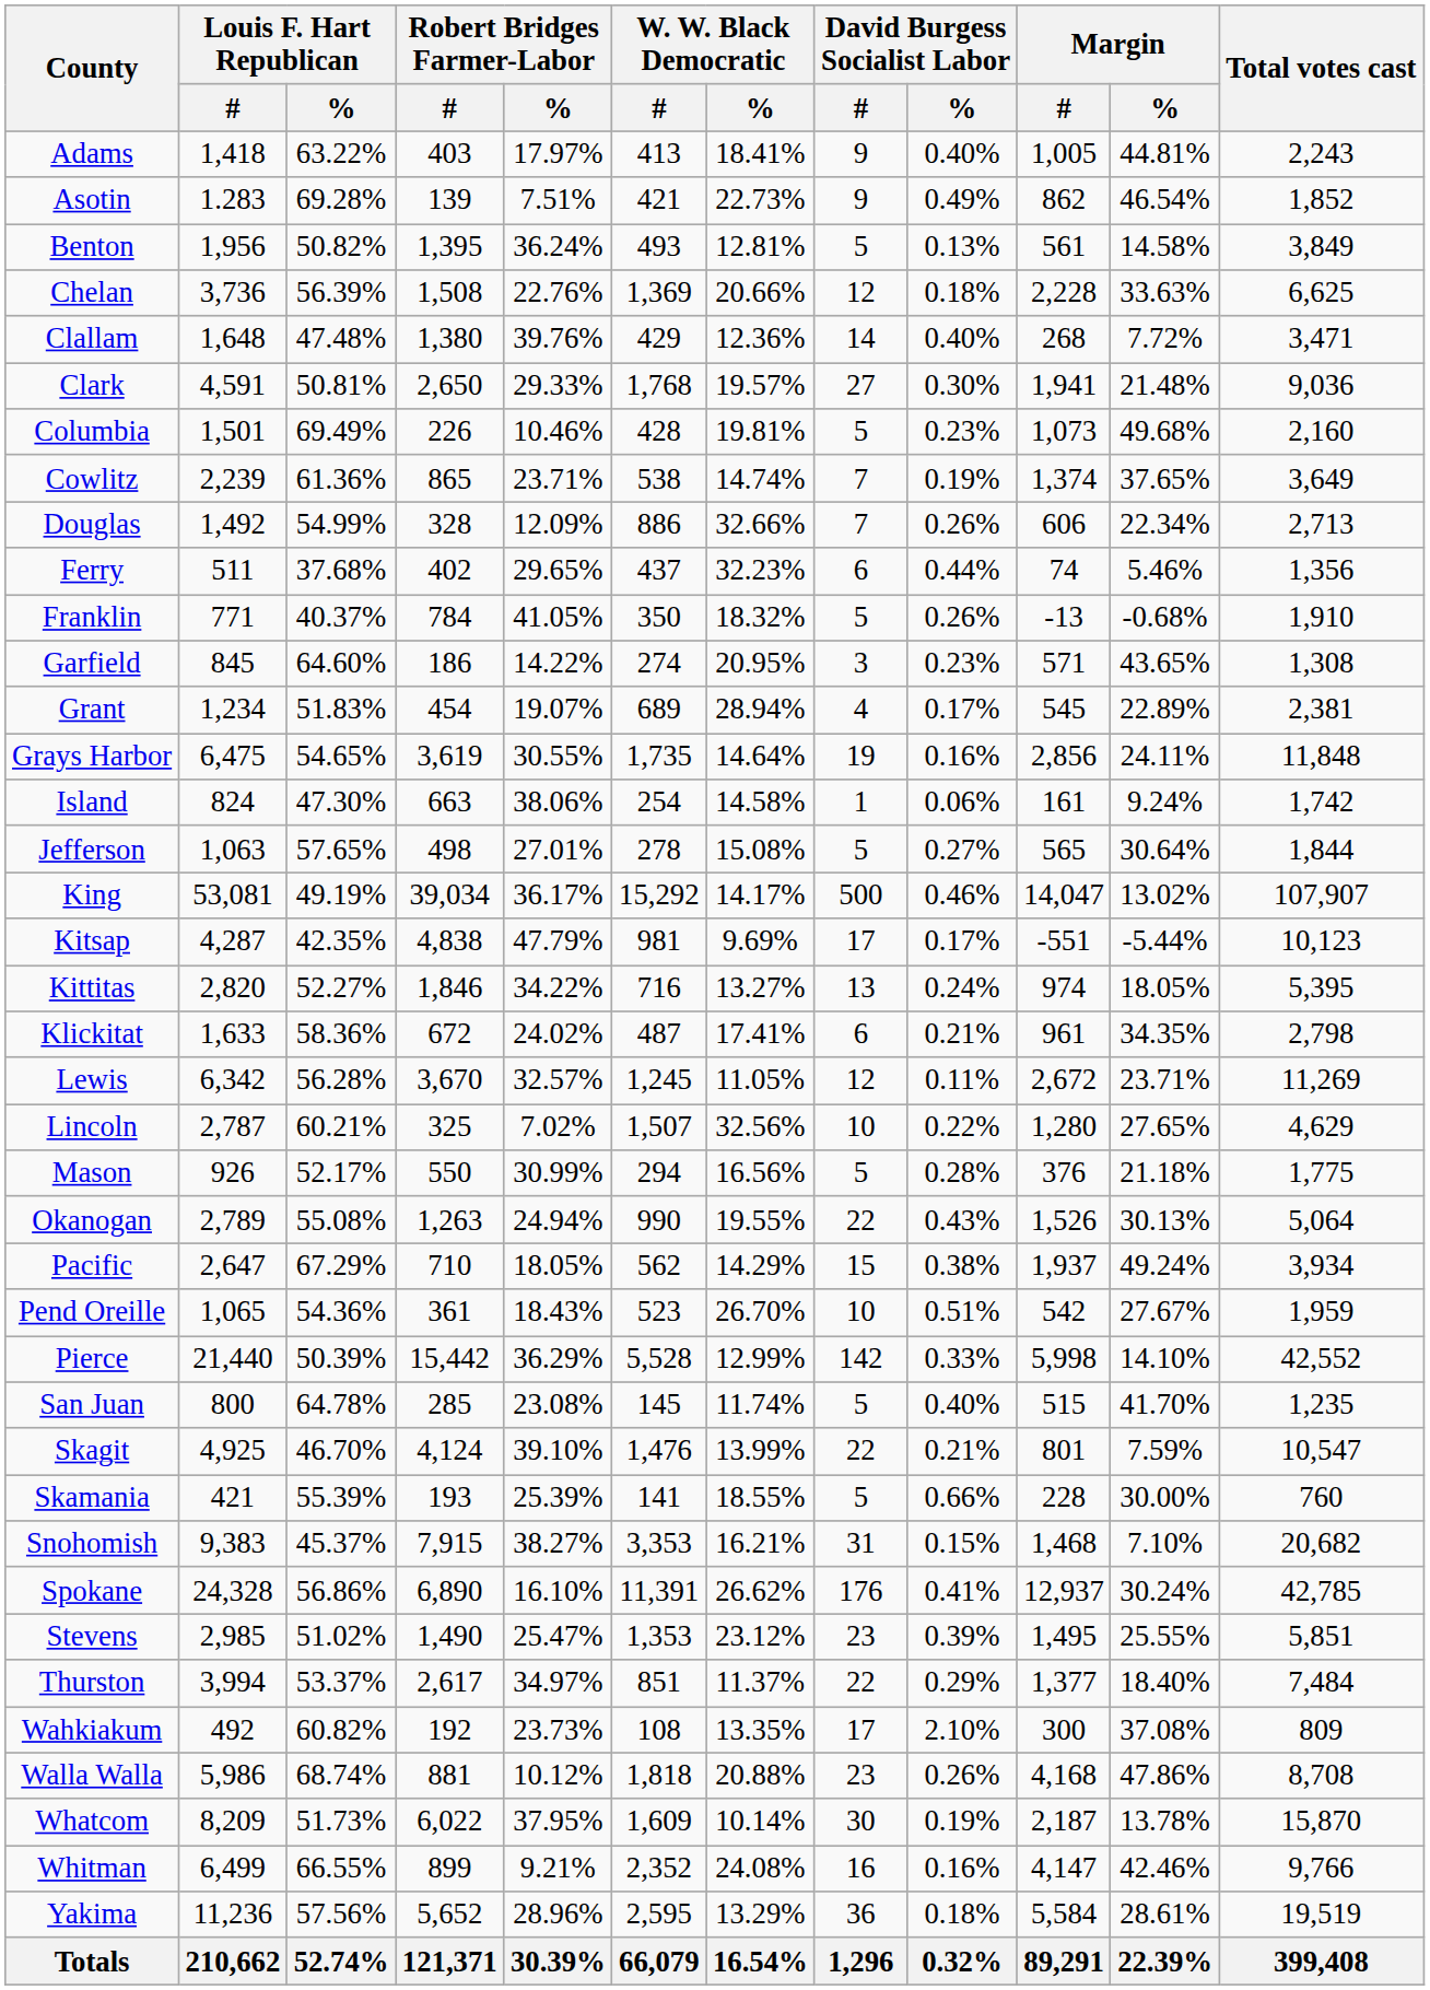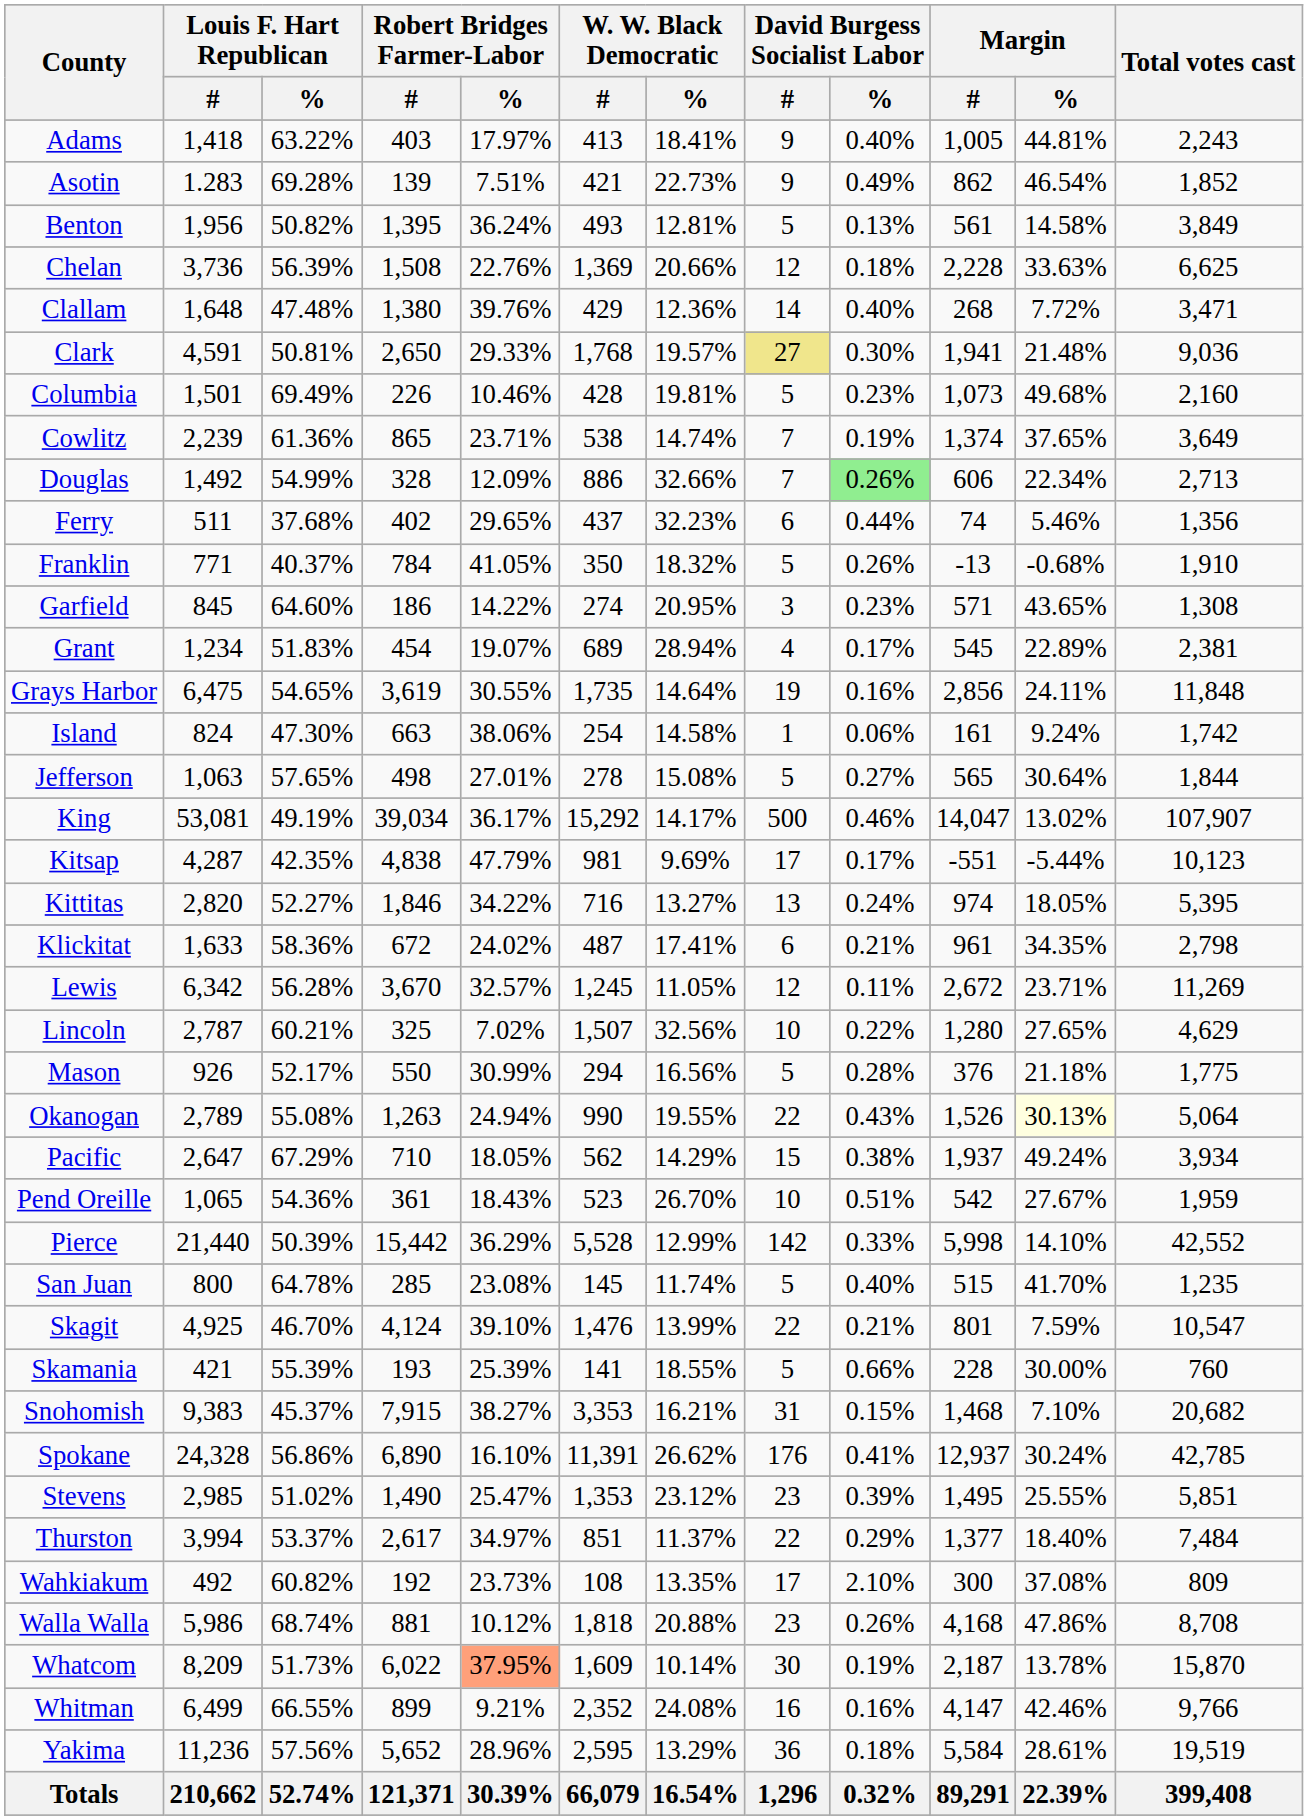 <table class="wikitable sortable">
 <tr>
 <th style="text-align:center;" rowspan="2">County</th>
 <th style="text-align:center;" colspan="2">Louis F. Hart<br>Republican</th>
 <th style="text-align:center;" colspan="2">Robert Bridges<br>Farmer-Labor</th>
 <th style="text-align:center;" colspan="2">W. W. Black<br>Democratic</th>
 <th style="text-align:center;" colspan="2">David Burgess<br>Socialist Labor</th>
 <th style="text-align:center;" colspan="2">Margin</th>
 <th style="text-align:center;" rowspan="2">Total votes cast</th>
 </tr>
 <tr bgcolor="lightgrey">
 <th style="text-align:center;" data-sort-type="number">#</th>
 <th style="text-align:center;" data-sort-type="number">%</th>
 <th style="text-align:center;" data-sort-type="number">#</th>
 <th style="text-align:center;" data-sort-type="number">%</th>
 <th style="text-align:center;" data-sort-type="number">#</th>
 <th style="text-align:center;" data-sort-type="number">%</th>
 <th style="text-align:center;" data-sort-type="number">#</th>
 <th style="text-align:center;" data-sort-type="number">%</th>
 <th style="text-align:center;" data-sort-type="number">#</th>
 <th style="text-align:center;" data-sort-type="number">%</th>
 </tr>
 <tr style="text-align:center;">
 <td><a href='#'>Adams</a></td>
 <td>1,418</td>
 <td>63.22%</td>
 <td>403</td>
 <td>17.97%</td>
 <td>413</td>
 <td>18.41%</td>
 <td>9</td>
 <td>0.40%</td>
 <td>1,005</td>
 <td>44.81%</td>
 <td>2,243</td>
 </tr>
 <tr style="text-align:center;">
 <td><a href='#'>Asotin</a></td>
 <td>1.283</td>
 <td>69.28%</td>
 <td>139</td>
 <td>7.51%</td>
 <td>421</td>
 <td>22.73%</td>
 <td>9</td>
 <td>0.49%</td>
 <td>862</td>
 <td>46.54%</td>
 <td>1,852</td>
 </tr>
 <tr style="text-align:center;">
 <td><a href='#'>Benton</a></td>
 <td>1,956</td>
 <td>50.82%</td>
 <td>1,395</td>
 <td>36.24%</td>
 <td>493</td>
 <td>12.81%</td>
 <td>5</td>
 <td>0.13%</td>
 <td>561</td>
 <td>14.58%</td>
 <td>3,849</td>
 </tr>
 <tr style="text-align:center;">
 <td><a href='#'>Chelan</a></td>
 <td>3,736</td>
 <td>56.39%</td>
 <td>1,508</td>
 <td>22.76%</td>
 <td>1,369</td>
 <td>20.66%</td>
 <td>12</td>
 <td>0.18%</td>
 <td>2,228</td>
 <td>33.63%</td>
 <td>6,625</td>
 </tr>
 <tr style="text-align:center;">
 <td><a href='#'>Clallam</a></td>
 <td>1,648</td>
 <td>47.48%</td>
 <td>1,380</td>
 <td>39.76%</td>
 <td>429</td>
 <td>12.36%</td>
 <td>14</td>
 <td>0.40%</td>
 <td>268</td>
 <td>7.72%</td>
 <td>3,471</td>
 </tr>
 <tr style="text-align:center;">
 <td><a href='#'>Clark</a></td>
 <td>4,591</td>
 <td>50.81%</td>
 <td>2,650</td>
 <td>29.33%</td>
 <td>1,768</td>
 <td>19.57%</td>
-<td>27</td>
+<td style="background: khaki;">27</td>
 <td>0.30%</td>
 <td>1,941</td>
 <td>21.48%</td>
 <td>9,036</td>
 </tr>
 <tr style="text-align:center;">
 <td><a href='#'>Columbia</a></td>
 <td>1,501</td>
 <td>69.49%</td>
 <td>226</td>
 <td>10.46%</td>
 <td>428</td>
 <td>19.81%</td>
 <td>5</td>
 <td>0.23%</td>
 <td>1,073</td>
 <td>49.68%</td>
 <td>2,160</td>
 </tr>
 <tr style="text-align:center;">
 <td><a href='#'>Cowlitz</a></td>
 <td>2,239</td>
 <td>61.36%</td>
 <td>865</td>
 <td>23.71%</td>
 <td>538</td>
 <td>14.74%</td>
 <td>7</td>
 <td>0.19%</td>
 <td>1,374</td>
 <td>37.65%</td>
 <td>3,649</td>
 </tr>
 <tr style="text-align:center;">
 <td><a href='#'>Douglas</a></td>
 <td>1,492</td>
 <td>54.99%</td>
 <td>328</td>
 <td>12.09%</td>
 <td>886</td>
 <td>32.66%</td>
 <td>7</td>
-<td>0.26%</td>
+<td style="background: lightgreen;">0.26%</td>
 <td>606</td>
 <td>22.34%</td>
 <td>2,713</td>
 </tr>
 <tr style="text-align:center;">
 <td><a href='#'>Ferry</a></td>
 <td>511</td>
 <td>37.68%</td>
 <td>402</td>
 <td>29.65%</td>
 <td>437</td>
 <td>32.23%</td>
 <td>6</td>
 <td>0.44%</td>
 <td>74</td>
 <td>5.46%</td>
 <td>1,356</td>
 </tr>
 <tr style="text-align:center;">
 <td><a href='#'>Franklin</a></td>
 <td>771</td>
 <td>40.37%</td>
 <td>784</td>
 <td>41.05%</td>
 <td>350</td>
 <td>18.32%</td>
 <td>5</td>
 <td>0.26%</td>
 <td>-13</td>
 <td>-0.68%</td>
 <td>1,910</td>
 </tr>
 <tr style="text-align:center;">
 <td><a href='#'>Garfield</a></td>
 <td>845</td>
 <td>64.60%</td>
 <td>186</td>
 <td>14.22%</td>
 <td>274</td>
 <td>20.95%</td>
 <td>3</td>
 <td>0.23%</td>
 <td>571</td>
 <td>43.65%</td>
 <td>1,308</td>
 </tr>
 <tr style="text-align:center;">
 <td><a href='#'>Grant</a></td>
 <td>1,234</td>
 <td>51.83%</td>
 <td>454</td>
 <td>19.07%</td>
 <td>689</td>
 <td>28.94%</td>
 <td>4</td>
 <td>0.17%</td>
 <td>545</td>
 <td>22.89%</td>
 <td>2,381</td>
 </tr>
 <tr style="text-align:center;">
 <td><a href='#'>Grays Harbor</a></td>
 <td>6,475</td>
 <td>54.65%</td>
 <td>3,619</td>
 <td>30.55%</td>
 <td>1,735</td>
 <td>14.64%</td>
 <td>19</td>
 <td>0.16%</td>
 <td>2,856</td>
 <td>24.11%</td>
 <td>11,848</td>
 </tr>
 <tr style="text-align:center;">
 <td><a href='#'>Island</a></td>
 <td>824</td>
 <td>47.30%</td>
 <td>663</td>
 <td>38.06%</td>
 <td>254</td>
 <td>14.58%</td>
 <td>1</td>
 <td>0.06%</td>
 <td>161</td>
 <td>9.24%</td>
 <td>1,742</td>
 </tr>
 <tr style="text-align:center;">
 <td><a href='#'>Jefferson</a></td>
 <td>1,063</td>
 <td>57.65%</td>
 <td>498</td>
 <td>27.01%</td>
 <td>278</td>
 <td>15.08%</td>
 <td>5</td>
 <td>0.27%</td>
 <td>565</td>
 <td>30.64%</td>
 <td>1,844</td>
 </tr>
 <tr style="text-align:center;">
 <td><a href='#'>King</a></td>
 <td>53,081</td>
 <td>49.19%</td>
 <td>39,034</td>
 <td>36.17%</td>
 <td>15,292</td>
 <td>14.17%</td>
 <td>500</td>
 <td>0.46%</td>
 <td>14,047</td>
 <td>13.02%</td>
 <td>107,907</td>
 </tr>
 <tr style="text-align:center;">
 <td><a href='#'>Kitsap</a></td>
 <td>4,287</td>
 <td>42.35%</td>
 <td>4,838</td>
 <td>47.79%</td>
 <td>981</td>
 <td>9.69%</td>
 <td>17</td>
 <td>0.17%</td>
 <td>-551</td>
 <td>-5.44%</td>
 <td>10,123</td>
 </tr>
 <tr style="text-align:center;">
 <td><a href='#'>Kittitas</a></td>
 <td>2,820</td>
 <td>52.27%</td>
 <td>1,846</td>
 <td>34.22%</td>
 <td>716</td>
 <td>13.27%</td>
 <td>13</td>
 <td>0.24%</td>
 <td>974</td>
 <td>18.05%</td>
 <td>5,395</td>
 </tr>
 <tr style="text-align:center;">
 <td><a href='#'>Klickitat</a></td>
 <td>1,633</td>
 <td>58.36%</td>
 <td>672</td>
 <td>24.02%</td>
 <td>487</td>
 <td>17.41%</td>
 <td>6</td>
 <td>0.21%</td>
 <td>961</td>
 <td>34.35%</td>
 <td>2,798</td>
 </tr>
 <tr style="text-align:center;">
 <td><a href='#'>Lewis</a></td>
 <td>6,342</td>
 <td>56.28%</td>
 <td>3,670</td>
 <td>32.57%</td>
 <td>1,245</td>
 <td>11.05%</td>
 <td>12</td>
 <td>0.11%</td>
 <td>2,672</td>
 <td>23.71%</td>
 <td>11,269</td>
 </tr>
 <tr style="text-align:center;">
 <td><a href='#'>Lincoln</a></td>
 <td>2,787</td>
 <td>60.21%</td>
 <td>325</td>
 <td>7.02%</td>
 <td>1,507</td>
 <td>32.56%</td>
 <td>10</td>
 <td>0.22%</td>
 <td>1,280</td>
 <td>27.65%</td>
 <td>4,629</td>
 </tr>
 <tr style="text-align:center;">
 <td><a href='#'>Mason</a></td>
 <td>926</td>
 <td>52.17%</td>
 <td>550</td>
 <td>30.99%</td>
 <td>294</td>
 <td>16.56%</td>
 <td>5</td>
 <td>0.28%</td>
 <td>376</td>
 <td>21.18%</td>
 <td>1,775</td>
 </tr>
 <tr style="text-align:center;">
 <td><a href='#'>Okanogan</a></td>
 <td>2,789</td>
 <td>55.08%</td>
 <td>1,263</td>
 <td>24.94%</td>
 <td>990</td>
 <td>19.55%</td>
 <td>22</td>
 <td>0.43%</td>
 <td>1,526</td>
-<td>30.13%</td>
+<td style="background: lightyellow;">30.13%</td>
 <td>5,064</td>
 </tr>
 <tr style="text-align:center;">
 <td><a href='#'>Pacific</a></td>
 <td>2,647</td>
 <td>67.29%</td>
 <td>710</td>
 <td>18.05%</td>
 <td>562</td>
 <td>14.29%</td>
 <td>15</td>
 <td>0.38%</td>
 <td>1,937</td>
 <td>49.24%</td>
 <td>3,934</td>
 </tr>
 <tr style="text-align:center;">
 <td><a href='#'>Pend Oreille</a></td>
 <td>1,065</td>
 <td>54.36%</td>
 <td>361</td>
 <td>18.43%</td>
 <td>523</td>
 <td>26.70%</td>
 <td>10</td>
 <td>0.51%</td>
 <td>542</td>
 <td>27.67%</td>
 <td>1,959</td>
 </tr>
 <tr style="text-align:center;">
 <td><a href='#'>Pierce</a></td>
 <td>21,440</td>
 <td>50.39%</td>
 <td>15,442</td>
 <td>36.29%</td>
 <td>5,528</td>
 <td>12.99%</td>
 <td>142</td>
 <td>0.33%</td>
 <td>5,998</td>
 <td>14.10%</td>
 <td>42,552</td>
 </tr>
 <tr style="text-align:center;">
 <td><a href='#'>San Juan</a></td>
 <td>800</td>
 <td>64.78%</td>
 <td>285</td>
 <td>23.08%</td>
 <td>145</td>
 <td>11.74%</td>
 <td>5</td>
 <td>0.40%</td>
 <td>515</td>
 <td>41.70%</td>
 <td>1,235</td>
 </tr>
 <tr style="text-align:center;">
 <td><a href='#'>Skagit</a></td>
 <td>4,925</td>
 <td>46.70%</td>
 <td>4,124</td>
 <td>39.10%</td>
 <td>1,476</td>
 <td>13.99%</td>
 <td>22</td>
 <td>0.21%</td>
 <td>801</td>
 <td>7.59%</td>
 <td>10,547</td>
 </tr>
 <tr style="text-align:center;">
 <td><a href='#'>Skamania</a></td>
 <td>421</td>
 <td>55.39%</td>
 <td>193</td>
 <td>25.39%</td>
 <td>141</td>
 <td>18.55%</td>
 <td>5</td>
 <td>0.66%</td>
 <td>228</td>
 <td>30.00%</td>
 <td>760</td>
 </tr>
 <tr style="text-align:center;">
 <td><a href='#'>Snohomish</a></td>
 <td>9,383</td>
 <td>45.37%</td>
 <td>7,915</td>
 <td>38.27%</td>
 <td>3,353</td>
 <td>16.21%</td>
 <td>31</td>
 <td>0.15%</td>
 <td>1,468</td>
 <td>7.10%</td>
 <td>20,682</td>
 </tr>
 <tr style="text-align:center;">
 <td><a href='#'>Spokane</a></td>
 <td>24,328</td>
 <td>56.86%</td>
 <td>6,890</td>
 <td>16.10%</td>
 <td>11,391</td>
 <td>26.62%</td>
 <td>176</td>
 <td>0.41%</td>
 <td>12,937</td>
 <td>30.24%</td>
 <td>42,785</td>
 </tr>
 <tr style="text-align:center;">
 <td><a href='#'>Stevens</a></td>
 <td>2,985</td>
 <td>51.02%</td>
 <td>1,490</td>
 <td>25.47%</td>
 <td>1,353</td>
 <td>23.12%</td>
 <td>23</td>
 <td>0.39%</td>
 <td>1,495</td>
 <td>25.55%</td>
 <td>5,851</td>
 </tr>
 <tr style="text-align:center;">
 <td><a href='#'>Thurston</a></td>
 <td>3,994</td>
 <td>53.37%</td>
 <td>2,617</td>
 <td>34.97%</td>
 <td>851</td>
 <td>11.37%</td>
 <td>22</td>
 <td>0.29%</td>
 <td>1,377</td>
 <td>18.40%</td>
 <td>7,484</td>
 </tr>
 <tr style="text-align:center;">
 <td><a href='#'>Wahkiakum</a></td>
 <td>492</td>
 <td>60.82%</td>
 <td>192</td>
 <td>23.73%</td>
 <td>108</td>
 <td>13.35%</td>
 <td>17</td>
 <td>2.10%</td>
 <td>300</td>
 <td>37.08%</td>
 <td>809</td>
 </tr>
 <tr style="text-align:center;">
 <td><a href='#'>Walla Walla</a></td>
 <td>5,986</td>
 <td>68.74%</td>
 <td>881</td>
 <td>10.12%</td>
 <td>1,818</td>
 <td>20.88%</td>
 <td>23</td>
 <td>0.26%</td>
 <td>4,168</td>
 <td>47.86%</td>
 <td>8,708</td>
 </tr>
 <tr style="text-align:center;">
 <td><a href='#'>Whatcom</a></td>
 <td>8,209</td>
 <td>51.73%</td>
 <td>6,022</td>
-<td>37.95%</td>
+<td style="background: lightsalmon;">37.95%</td>
 <td>1,609</td>
 <td>10.14%</td>
 <td>30</td>
 <td>0.19%</td>
 <td>2,187</td>
 <td>13.78%</td>
 <td>15,870</td>
 </tr>
 <tr style="text-align:center;">
 <td><a href='#'>Whitman</a></td>
 <td>6,499</td>
 <td>66.55%</td>
 <td>899</td>
 <td>9.21%</td>
 <td>2,352</td>
 <td>24.08%</td>
 <td>16</td>
 <td>0.16%</td>
 <td>4,147</td>
 <td>42.46%</td>
 <td>9,766</td>
 </tr>
 <tr style="text-align:center;">
 <td><a href='#'>Yakima</a></td>
 <td>11,236</td>
 <td>57.56%</td>
 <td>5,652</td>
 <td>28.96%</td>
 <td>2,595</td>
 <td>13.29%</td>
 <td>36</td>
 <td>0.18%</td>
 <td>5,584</td>
 <td>28.61%</td>
 <td>19,519</td>
 </tr>
 <tr>
 <th>Totals</th>
 <th>210,662</th>
 <th>52.74%</th>
 <th>121,371</th>
 <th>30.39%</th>
 <th>66,079</th>
 <th>16.54%</th>
 <th>1,296</th>
 <th>0.32%</th>
 <th>89,291</th>
 <th>22.39%</th>
 <th>399,408</th>
 </tr>
 </table>
